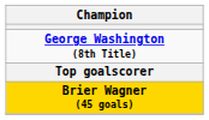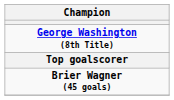 <table class="wikitable" style="margin: 0 auto; width: 220px;">
 <tr>
 <th>Champion</th>
 </tr>
 <tr>
 <th></th>
 </tr>
 <tr>
 <td align="center"><strong><a href='#'>George Washington</a></strong><br><small><strong>(8th Title)</strong></small></td>
 </tr>
 <tr>
 <th>Top goalscorer</th>
 </tr>
 <tr>
-<td align="center" style="background: gold;"><strong>Brier Wagner</strong><br><small><strong>(45 goals)</strong></small></td>
+<td align="center"><strong>Brier Wagner</strong><br><small><strong>(45 goals)</strong></small></td>
 </tr>
 <tr>
 </tr>
 </table>
